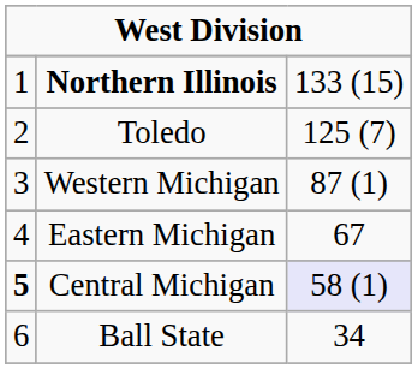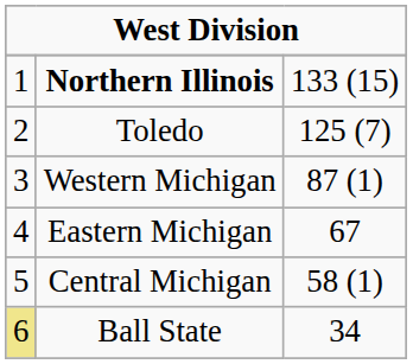 <table class="wikitable">
 <tr align="center">
 <td align="center" Colspan="3"><strong>West Division</strong></td>
 </tr>
 <tr align="center">
 </tr>
 <tr align="center">
 <td>1</td>
 <td><strong>Northern Illinois</strong></td>
 <td>133 (15)</td>
 </tr>
 <tr align="center">
 <td>2</td>
 <td>Toledo</td>
 <td>125 (7)</td>
 </tr>
 <tr align="center">
 <td>3</td>
 <td>Western Michigan</td>
 <td>87 (1)</td>
 </tr>
 <tr align="center">
 <td>4</td>
 <td>Eastern Michigan</td>
 <td>67</td>
 </tr>
 <tr align="center">
-<td><strong>5</strong></td>
+<td>5</td>
 <td>Central Michigan</td>
-<td style="background: lavender;">58 (1)</td>
+<td>58 (1)</td>
 </tr>
 <tr align="center">
-<td>6</td>
+<td style="background: khaki;">6</td>
 <td>Ball State</td>
 <td>34</td>
 </tr>
 </table>
